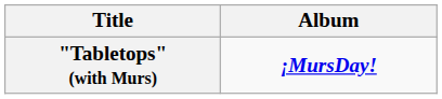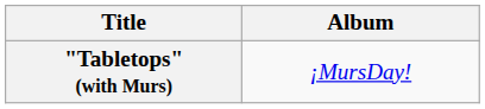 <table class="wikitable plainrowheaders" style="text-align:center;">
 <tr>
 <th scope="col" style="width:10em;">Title</th>
 <th scope="col" style="width:10em;">Album</th>
 </tr>
 <tr>
 <th scope="row">"Tabletops"<br><small>(with Murs)</small></th>
-<td><strong><em><a href='#'>¡MursDay!</a></em></strong></td>
+<td><em><a href='#'>¡MursDay!</a></em></td>
 </tr>
 </table>
